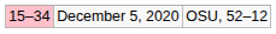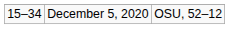 <table class="wikitable">
 <tr align="center">
 </tr>
 <tr align="center">
-<td style="background: pink;">15–34</td>
+<td>15–34</td>
 <td>December 5, 2020</td>
 <td>OSU, 52–12</td>
 </tr>
 </table>
